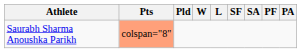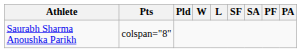 <table class=wikitable style="text-align:center">
 <tr>
 <th width="175">Athlete</th>
 <th width="20">Pts</th>
 <th width="20">Pld</th>
 <th width="20">W</th>
 <th width="20">L</th>
 <th width="20">SF</th>
 <th width="20">SA</th>
 <th width="20">PF</th>
 <th width="20">PA</th>
 </tr>
 <tr>
 <td style="text-align:left"> <a href='#'>Saurabh Sharma</a> <br>  <a href='#'>Anoushka Parikh</a></td>
-<td style="background: lightsalmon;">colspan="8" </td>
+<td>colspan="8" </td>
 </tr>
 </table>
